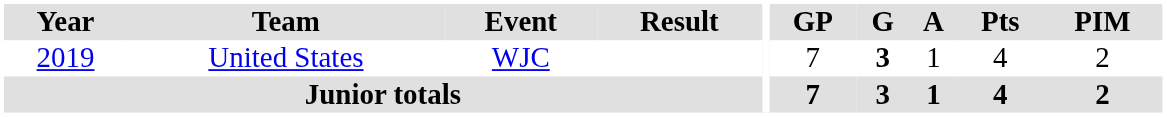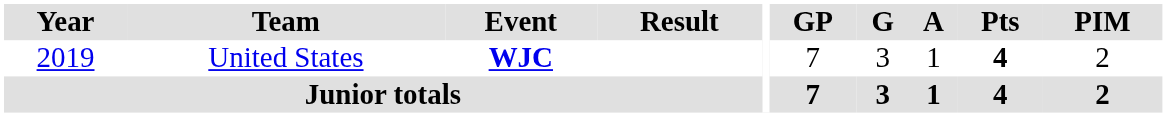 <table border="0" cellpadding="1" cellspacing="0" ID="Table3" style="text-align:center; width:40em">
 <tr bgcolor="#e0e0e0">
 <th>Year</th>
 <th>Team</th>
 <th>Event</th>
 <th>Result</th>
 <th rowspan="99" bgcolor="#ffffff"></th>
 <th>GP</th>
 <th>G</th>
 <th>A</th>
 <th>Pts</th>
 <th>PIM</th>
 </tr>
 <tr>
 <td><a href='#'>2019</a></td>
 <td><a href='#'>United States</a></td>
-<td><a href='#'>WJC</a></td>
+<td><strong><a href='#'>WJC</a></strong></td>
 <td></td>
 <td>7</td>
-<td><strong>3</strong></td>
+<td>3</td>
 <td>1</td>
-<td>4</td>
+<td><strong>4</strong></td>
 <td>2</td>
 </tr>
 <tr bgcolor="#e0e0e0">
 <th colspan="4">Junior totals</th>
 <th>7</th>
 <th>3</th>
 <th>1</th>
 <th>4</th>
 <th>2</th>
 </tr>
 </table>
